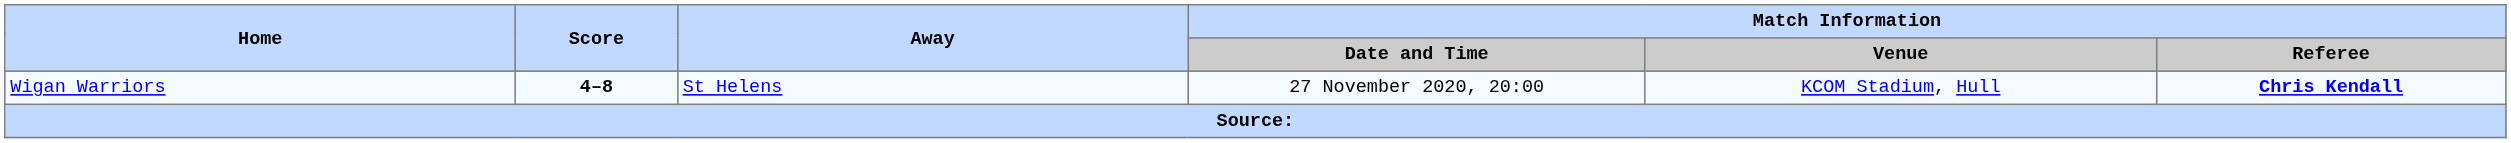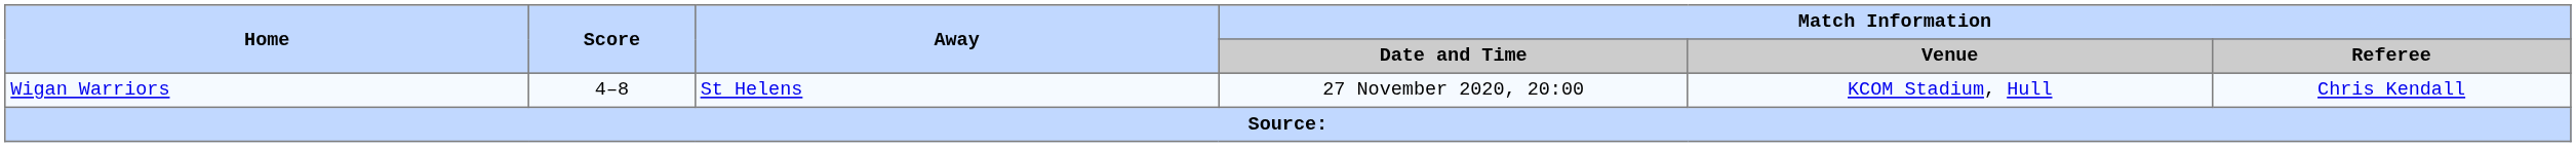 <table border=1 style="border-collapse:collapse; font-size:90%; text-align:center;" cellpadding=3 cellspacing=0 width=100%>
 <tr bgcolor=#C1D8FF>
 <th rowspan=2 width=19%>Home</th>
 <th rowspan=2 width=6%>Score</th>
 <th rowspan=2 width=19%>Away</th>
 <th colspan=3>Match Information</th>
 </tr>
 <tr bgcolor=#CCCCCC>
 <th width=17%>Date and Time</th>
 <th width=19%>Venue</th>
 <th width=13%>Referee</th>
 </tr>
 <tr bgcolor=#F5FAFF>
 <td align=left> <a href='#'>Wigan Warriors</a></td>
-<td><strong>4–8</strong></td>
+<td>4–8</td>
 <td align=left> <a href='#'>St Helens</a></td>
 <td>27 November 2020, 20:00</td>
 <td><a href='#'>KCOM Stadium</a>, <a href='#'>Hull</a></td>
-<td><strong><a href='#'>Chris Kendall</a></strong></td>
+<td><a href='#'>Chris Kendall</a></td>
 </tr>
 <tr bgcolor=#C1D8FF>
 <th colspan=6>Source:</th>
 </tr>
 </table>
